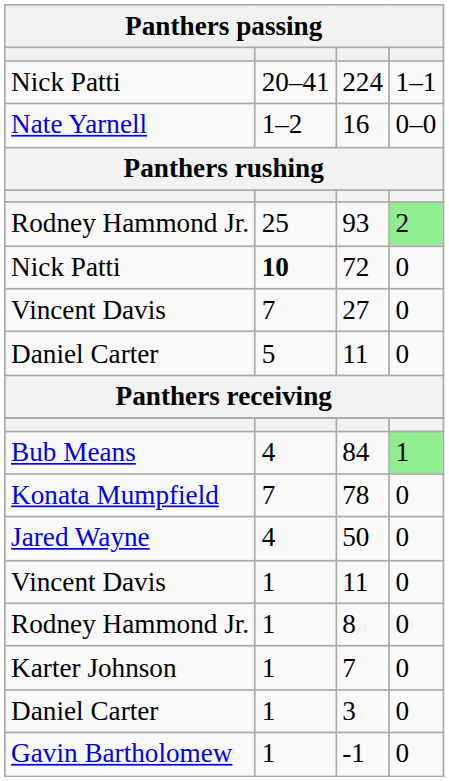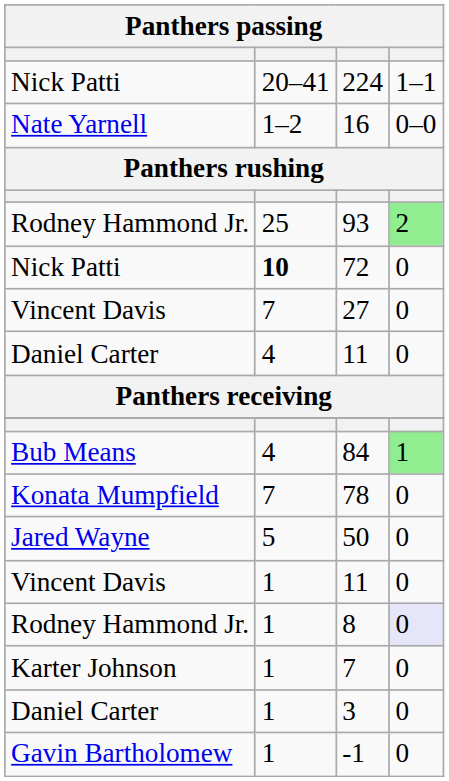 <table class="wikitable plainrowheaders">
 <tr>
 <th colspan="6">Panthers passing</th>
 </tr>
 <tr>
 <th scope="col"></th>
 <th scope="col"></th>
 <th scope="col"></th>
 <th scope="col"></th>
 </tr>
 <tr>
 <td>Nick Patti</td>
 <td>20–41</td>
 <td>224</td>
 <td>1–1</td>
 </tr>
 <tr>
 <td><a href='#'>Nate Yarnell</a></td>
 <td>1–2</td>
 <td>16</td>
 <td>0–0</td>
 </tr>
 <tr>
 <th colspan="6">Panthers rushing</th>
 </tr>
 <tr>
 <th scope="col"></th>
 <th scope="col"></th>
 <th scope="col"></th>
 <th scope="col"></th>
 </tr>
 <tr>
 <td>Rodney Hammond Jr.</td>
 <td>25</td>
 <td>93</td>
 <td style="background: lightgreen;">2</td>
 </tr>
 <tr>
 <td>Nick Patti</td>
 <td><strong>10</strong></td>
 <td>72</td>
 <td>0</td>
 </tr>
 <tr>
 <td>Vincent Davis</td>
 <td>7</td>
 <td>27</td>
 <td>0</td>
 </tr>
 <tr>
 <td>Daniel Carter</td>
-<td>5</td>
+<td>4</td>
 <td>11</td>
 <td>0</td>
 </tr>
 <tr>
 <th colspan="6">Panthers receiving</th>
 </tr>
 <tr>
 </tr>
 <tr>
 <th scope="col"></th>
 <th scope="col"></th>
 <th scope="col"></th>
 <th scope="col"></th>
 </tr>
 <tr>
 <td><a href='#'>Bub Means</a></td>
 <td>4</td>
 <td>84</td>
 <td style="background: lightgreen;">1</td>
 </tr>
 <tr>
 <td><a href='#'>Konata Mumpfield</a></td>
 <td>7</td>
 <td>78</td>
 <td>0</td>
 </tr>
 <tr>
 <td><a href='#'>Jared Wayne</a></td>
-<td>4</td>
+<td>5</td>
 <td>50</td>
 <td>0</td>
 </tr>
 <tr>
 <td>Vincent Davis</td>
 <td>1</td>
 <td>11</td>
 <td>0</td>
 </tr>
 <tr>
 <td>Rodney Hammond Jr.</td>
 <td>1</td>
 <td>8</td>
-<td>0</td>
+<td style="background: lavender;">0</td>
 </tr>
 <tr>
 <td>Karter Johnson</td>
 <td>1</td>
 <td>7</td>
 <td>0</td>
 </tr>
 <tr>
 <td>Daniel Carter</td>
 <td>1</td>
 <td>3</td>
 <td>0</td>
 </tr>
 <tr>
 <td><a href='#'>Gavin Bartholomew</a></td>
 <td>1</td>
 <td>-1</td>
 <td>0</td>
 </tr>
 <tr>
 </tr>
 </table>
